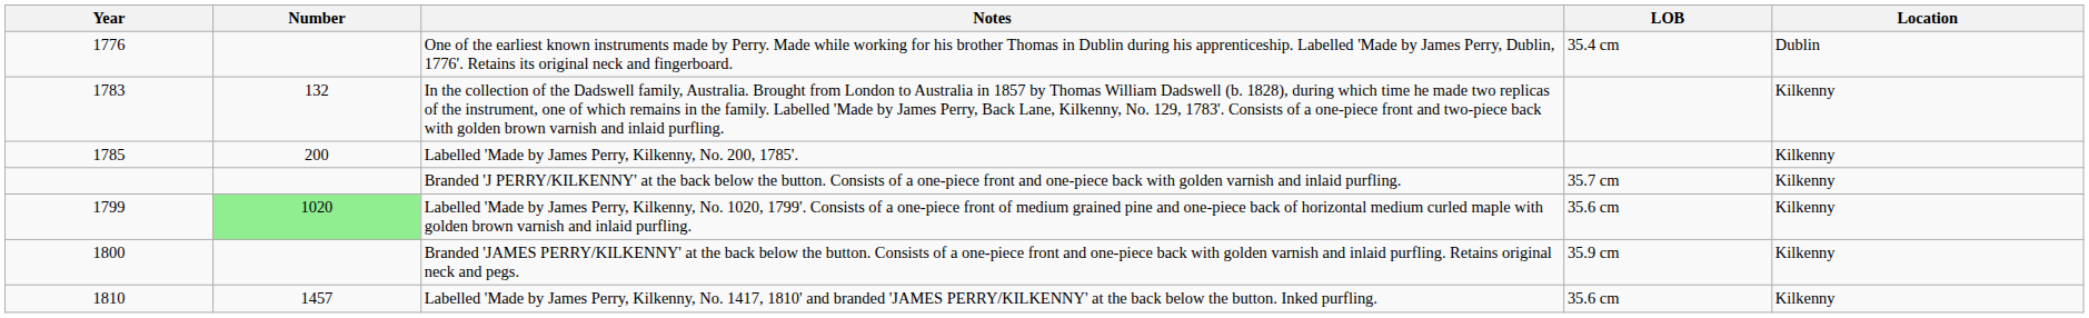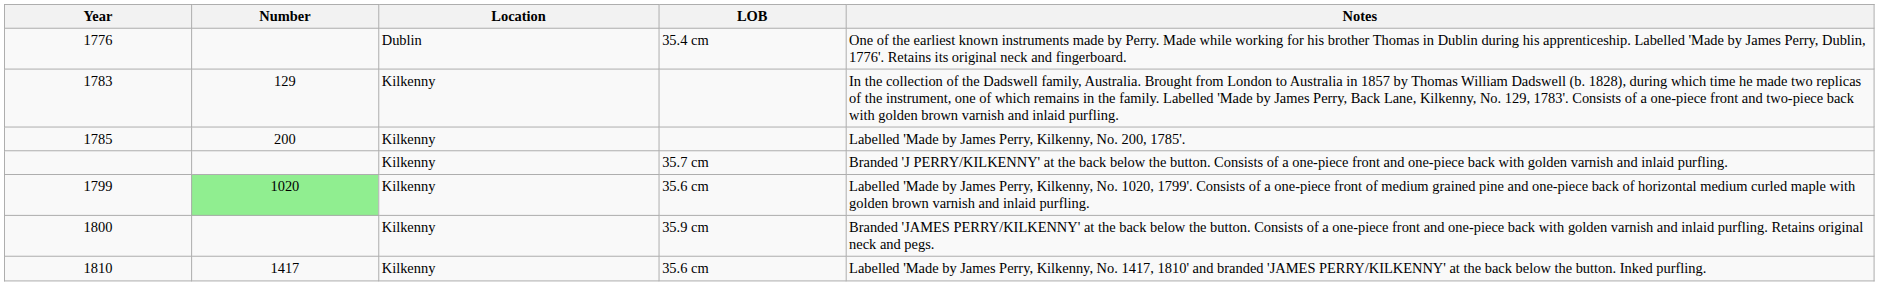 <table class="sortable wikitable" style="margins:auto; width=95%; font-size: 95%;">
 <tr>
 <th width="10%">Year</th>
 <th width="10%">Number</th>
+<th width="15%">Location</th>
+<th width="10%">LOB</th>
 <th width="55%">Notes</th>
-<th width="10%">LOB</th>
-<th width="15%">Location</th>
 </tr>
 <tr valign="top">
 <td align=center>1776</td>
 <td align=center></td>
+<td>Dublin</td>
+<td>35.4 cm</td>
 <td>One of the earliest known instruments made by Perry. Made while working for his brother Thomas in Dublin during his apprenticeship. Labelled 'Made by James Perry, Dublin, 1776'. Retains its original neck and fingerboard.</td>
-<td>35.4 cm</td>
-<td>Dublin</td>
 </tr>
 <tr valign="top">
 <td align=center>1783</td>
-<td align=center>132</td>
+<td align=center>129</td>
+<td>Kilkenny</td>
+<td></td>
 <td>In the collection of the Dadswell family, Australia. Brought from London to Australia in 1857 by Thomas William Dadswell (b. 1828), during which time he made two replicas of the instrument, one of which remains in the family. Labelled 'Made by James Perry, Back Lane, Kilkenny, No. 129, 1783'. Consists of a one-piece front and two-piece back with golden brown varnish and inlaid purfling.</td>
-<td></td>
-<td>Kilkenny</td>
 </tr>
 <tr valign="top">
 <td align=center>1785</td>
 <td align=center>200</td>
+<td>Kilkenny</td>
+<td></td>
 <td>Labelled 'Made by James Perry, Kilkenny, No. 200, 1785'.</td>
-<td></td>
-<td>Kilkenny</td>
 </tr>
 <tr valign="top">
 <td align=center></td>
 <td align=center></td>
+<td>Kilkenny</td>
+<td>35.7 cm</td>
 <td>Branded 'J PERRY/KILKENNY' at the back below the button. Consists of a one-piece front and one-piece back with golden varnish and inlaid purfling.</td>
-<td>35.7 cm</td>
-<td>Kilkenny</td>
 </tr>
 <tr valign="top">
 <td align=center>1799</td>
 <td align=center style="background: lightgreen;">1020</td>
+<td>Kilkenny</td>
+<td>35.6 cm</td>
 <td>Labelled 'Made by James Perry, Kilkenny, No. 1020, 1799'. Consists of a one-piece front of medium grained pine and one-piece back of horizontal medium curled maple with golden brown varnish and inlaid purfling.</td>
-<td>35.6 cm</td>
-<td>Kilkenny</td>
 </tr>
 <tr valign="top">
 <td align=center>1800</td>
 <td align=center></td>
+<td>Kilkenny</td>
+<td>35.9 cm</td>
 <td>Branded 'JAMES PERRY/KILKENNY' at the back below the button. Consists of a one-piece front and one-piece back with golden varnish and inlaid purfling. Retains original neck and pegs.</td>
-<td>35.9 cm</td>
-<td>Kilkenny</td>
 </tr>
 <tr valign="top">
 <td align=center>1810</td>
-<td align=center>1457</td>
+<td align=center>1417</td>
+<td>Kilkenny</td>
+<td>35.6 cm</td>
 <td>Labelled 'Made by James Perry, Kilkenny, No. 1417, 1810' and branded 'JAMES PERRY/KILKENNY' at the back below the button. Inked purfling.</td>
-<td>35.6 cm</td>
-<td>Kilkenny</td>
 </tr>
 </table>
